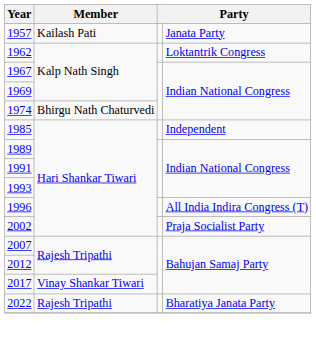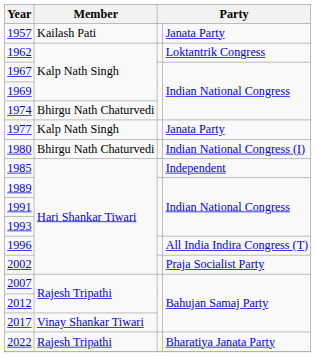 <table class="wikitable">
 <tr>
 <th>Year</th>
 <th>Member</th>
 <th colspan="2">Party</th>
 </tr>
 <tr>
 <td><a href='#'>1957</a></td>
 <td>Kailash Pati</td>
 <td style="background-color: "></td>
 <td><a href='#'>Janata Party</a></td>
 </tr>
 <tr>
 <td><a href='#'>1962</a></td>
 <td rowspan="3">Kalp Nath Singh</td>
 <td style="background-color: "></td>
 <td><a href='#'>Loktantrik Congress</a></td>
 </tr>
 <tr>
 <td><a href='#'>1967</a></td>
 <td rowspan="3" style="background-color: "></td>
 <td rowspan="3"><a href='#'>Indian National Congress</a></td>
 </tr>
 <tr>
 <td><a href='#'>1969</a></td>
 </tr>
 <tr>
 <td><a href='#'>1974</a></td>
 <td>Bhirgu Nath Chaturvedi</td>
+</tr>
+<tr>
+<td><a href='#'>1977</a></td>
+<td>Kalp Nath Singh</td>
+<td style="background-color: "></td>
+<td><a href='#'>Janata Party</a></td>
+</tr>
+<tr>
+<td><a href='#'>1980</a></td>
+<td>Bhirgu Nath Chaturvedi</td>
+<td style="background-color: "></td>
+<td><a href='#'>Indian National Congress (I)</a></td>
 </tr>
 <tr>
 <td><a href='#'>1985</a></td>
 <td rowspan="6"><a href='#'>Hari Shankar Tiwari</a></td>
 <td style="background-color: "></td>
 <td><a href='#'>Independent</a></td>
 </tr>
 <tr>
 <td><a href='#'>1989</a></td>
 <td rowspan="3" style="background-color: "></td>
 <td rowspan="3"><a href='#'>Indian National Congress</a></td>
 </tr>
 <tr>
 <td><a href='#'>1991</a></td>
 </tr>
 <tr>
 <td><a href='#'>1993</a></td>
 </tr>
 <tr>
 <td><a href='#'>1996</a></td>
 <td style="background-color: "></td>
 <td><a href='#'>All India Indira Congress (T)</a></td>
 </tr>
 <tr>
 <td><a href='#'>2002</a></td>
 <td style="background-color: "></td>
 <td><a href='#'>Praja Socialist Party</a></td>
 </tr>
 <tr>
 <td><a href='#'>2007</a></td>
 <td rowspan="2"><a href='#'>Rajesh Tripathi</a></td>
 <td rowspan="3" style="background-color: "></td>
 <td rowspan="3"><a href='#'>Bahujan Samaj Party</a></td>
 </tr>
 <tr>
 <td><a href='#'>2012</a></td>
 </tr>
 <tr>
 <td><a href='#'>2017</a></td>
 <td><a href='#'>Vinay Shankar Tiwari</a></td>
 </tr>
 <tr>
 <td><a href='#'>2022</a></td>
 <td><a href='#'>Rajesh Tripathi</a></td>
 <td style="background-color: "></td>
 <td><a href='#'>Bharatiya Janata Party</a></td>
 </tr>
 <tr>
 </tr>
 </table>
